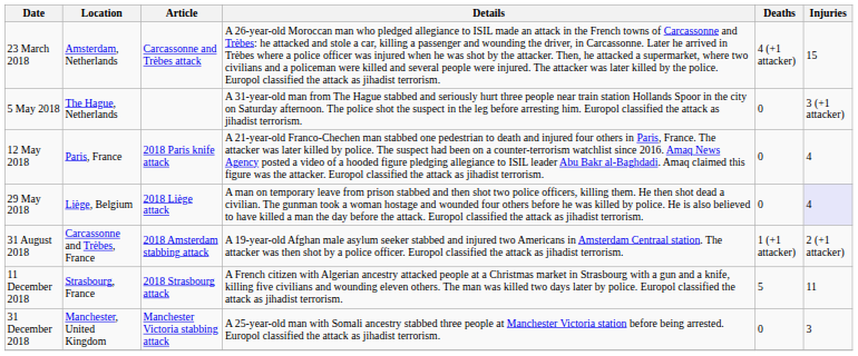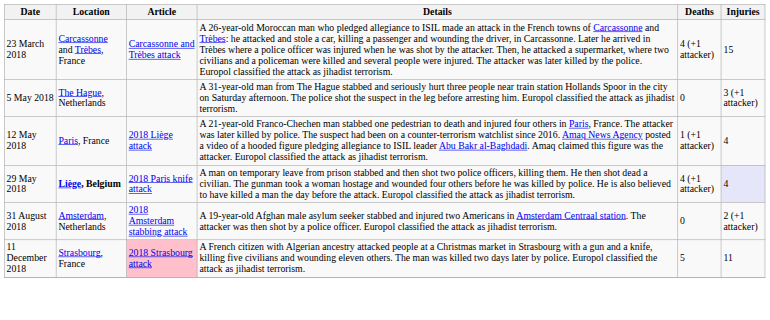 <table class="wikitable ">
 <tr>
 <th>Date</th>
 <th>Location</th>
 <th>Article</th>
 <th>Details</th>
 <th>Deaths</th>
 <th>Injuries</th>
 </tr>
 <tr>
 <td>23 March 2018</td>
-<td> <a href='#'>Amsterdam</a>, Netherlands</td>
+<td> <a href='#'>Carcassonne</a> and <a href='#'>Trèbes</a>, France</td>
 <td><a href='#'>Carcassonne and Trèbes attack</a></td>
 <td>A 26-year-old Moroccan man who pledged allegiance to ISIL made an attack in the French towns of <a href='#'>Carcassonne</a> and <a href='#'>Trèbes</a>: he attacked and stole a car, killing a passenger and wounding the driver, in Carcassonne. Later he arrived in Trèbes where a police officer was injured when he was shot by the attacker. Then, he attacked a supermarket, where two civilians and a policeman were killed and several people were injured. The attacker was later killed by the police. Europol classified the attack as jihadist terrorism.</td>
 <td>4 (+1 attacker)</td>
 <td>15</td>
 </tr>
 <tr>
 <td>5 May 2018</td>
 <td> <a href='#'>The Hague</a>, Netherlands</td>
 <td></td>
 <td>A 31-year-old man from The Hague stabbed and seriously hurt three people near train station Hollands Spoor in the city on Saturday afternoon. The police shot the suspect in the leg before arresting him. Europol classified the attack as jihadist terrorism.</td>
 <td>0</td>
 <td>3 (+1 attacker)</td>
 </tr>
 <tr>
 <td>12 May 2018</td>
 <td> <a href='#'>Paris</a>, France</td>
-<td><a href='#'>2018 Paris knife attack</a></td>
+<td><a href='#'>2018 Liège attack</a></td>
 <td>A 21-year-old Franco-Chechen man stabbed one pedestrian to death and injured four others in <a href='#'>Paris</a>, France. The attacker was later killed by police. The suspect had been on a counter-terrorism watchlist since 2016. <a href='#'>Amaq News Agency</a> posted a video of a hooded figure pledging allegiance to ISIL leader <a href='#'>Abu Bakr al-Baghdadi</a>. Amaq claimed this figure was the attacker. Europol classified the attack as jihadist terrorism.</td>
-<td data-sort-value="4">0</td>
+<td>1 (+1 attacker)</td>
 <td>4</td>
 </tr>
 <tr>
 <td>29 May 2018</td>
-<td> <a href='#'>Liège</a>, Belgium</td>
-<td><a href='#'>2018 Liège attack</a></td>
+<td><strong> <a href='#'>Liège</a>, Belgium</strong></td>
+<td><a href='#'>2018 Paris knife attack</a></td>
 <td>A man on temporary leave from prison stabbed and then shot two police officers, killing them. He then shot dead a civilian. The gunman took a woman hostage and wounded four others before he was killed by police. He is also believed to have killed a man the day before the attack. Europol classified the attack as jihadist terrorism.</td>
-<td>0</td>
+<td data-sort-value="4">4 (+1 attacker)</td>
 <td style="background: lavender;">4</td>
 </tr>
 <tr>
 <td>31 August 2018</td>
-<td> <a href='#'>Carcassonne</a> and <a href='#'>Trèbes</a>, France</td>
+<td> <a href='#'>Amsterdam</a>, Netherlands</td>
 <td><a href='#'>2018 Amsterdam stabbing attack</a></td>
 <td>A 19-year-old Afghan male asylum seeker stabbed and injured two Americans in <a href='#'>Amsterdam Centraal station</a>. The attacker was then shot by a police officer. Europol classified the attack as jihadist terrorism.</td>
-<td>1 (+1 attacker)</td>
+<td data-sort-value="4">0</td>
 <td>2 (+1 attacker)</td>
 </tr>
 <tr>
 <td>11 December 2018</td>
 <td> <a href='#'>Strasbourg</a>, France</td>
-<td><a href='#'>2018 Strasbourg attack</a></td>
+<td style="background: pink;"><a href='#'>2018 Strasbourg attack</a></td>
 <td>A French citizen with Algerian ancestry attacked people at a Christmas market in Strasbourg with a gun and a knife, killing five civilians and wounding eleven others. The man was killed two days later by police. Europol classified the attack as jihadist terrorism.</td>
 <td>5</td>
 <td>11</td>
 </tr>
 <tr>
-<td>31 December 2018</td>
-<td> <a href='#'>Manchester</a>, United Kingdom</td>
-<td><a href='#'>Manchester Victoria stabbing attack</a></td>
-<td>A 25-year-old man with Somali ancestry stabbed three people at <a href='#'>Manchester Victoria station</a> before being arrested. Europol classified the attack as jihadist terrorism.</td>
-<td>0</td>
-<td>3</td>
-</tr>
-<tr>
 </tr>
 </table>
